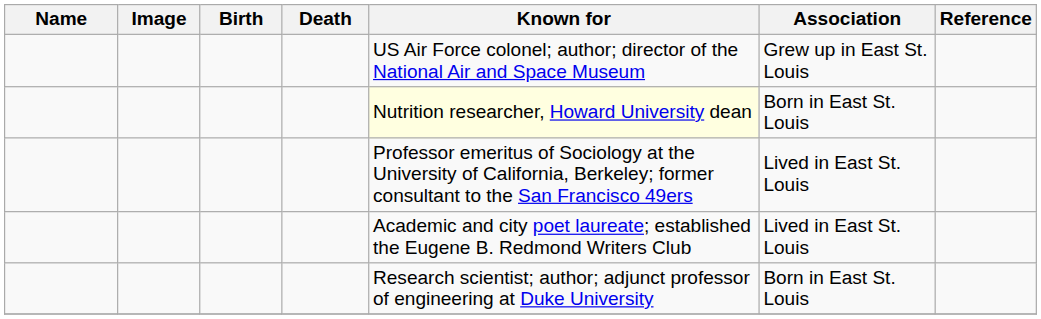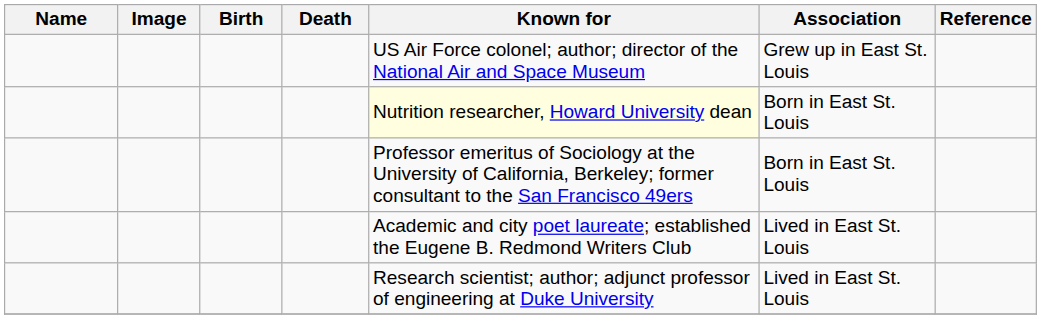 <table class="wikitable sortable">
 <tr>
 <th scope="col" width="140">Name</th>
 <th scope="col" width="80" class="unsortable">Image</th>
 <th scope="col" width="90">Birth</th>
 <th scope="col" width="90">Death</th>
 <th scope="col" width="600" class="unsortable">Known for</th>
 <th scope="col" width="200" class="unsortable">Association</th>
 <th scope="col" width="30" class="unsortable">Reference</th>
 </tr>
 <tr>
 <td></td>
 <td></td>
 <td align=right></td>
 <td align=right></td>
 <td>US Air Force colonel; author; director of the <a href='#'>National Air and Space Museum</a></td>
 <td>Grew up in East St. Louis</td>
 <td align="center"></td>
 </tr>
 <tr>
 <td></td>
 <td></td>
 <td align=right></td>
 <td align=right></td>
 <td style="background: lightyellow;">Nutrition researcher, <a href='#'>Howard University</a> dean</td>
 <td>Born in East St. Louis</td>
 <td></td>
 </tr>
 <tr>
 <td></td>
 <td></td>
 <td align=right></td>
 <td align=right></td>
 <td>Professor emeritus of Sociology at the University of California, Berkeley; former consultant to the <a href='#'>San Francisco 49ers</a></td>
-<td>Lived in East St. Louis</td>
+<td>Born in East St. Louis</td>
 <td align="center"></td>
 </tr>
 <tr>
 <td></td>
 <td></td>
 <td align=right></td>
 <td align=right></td>
 <td>Academic and city <a href='#'>poet laureate</a>; established the Eugene B. Redmond Writers Club</td>
 <td>Lived in East St. Louis</td>
 <td align="center"></td>
 </tr>
 <tr>
 <td></td>
 <td></td>
 <td align=right></td>
 <td align=right></td>
 <td>Research scientist; author; adjunct professor of engineering at <a href='#'>Duke University</a></td>
-<td>Born in East St. Louis</td>
+<td>Lived in East St. Louis</td>
 <td align="center"></td>
 </tr>
 <tr>
 </tr>
 </table>
